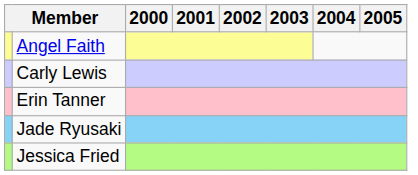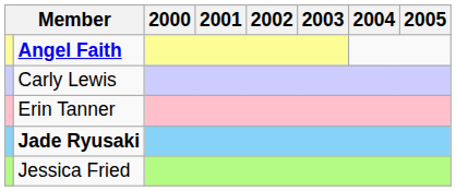 <table class="wikitable">
 <tr>
 <th colspan="2">Member</th>
 <th>2000</th>
 <th>2001</th>
 <th>2002</th>
 <th>2003</th>
 <th>2004</th>
 <th>2005</th>
 </tr>
 <tr>
 <td style="background:#FDFD96"></td>
-<td><a href='#'>Angel Faith</a></td>
+<td><strong><a href='#'>Angel Faith</a></strong></td>
 <td colspan="4"  style="text-align:center; background:#FDFD96"></td>
 <td colspan="3"></td>
 </tr>
 <tr>
 <td style="background:#CCCCFF"></td>
 <td>Carly Lewis</td>
 <td colspan="6"  style="text-align:center; background:#CCCCFF"></td>
 </tr>
 <tr>
 <td style="background:pink"></td>
 <td>Erin Tanner</td>
 <td colspan="6"  style="text-align:center; background:pink"></td>
 </tr>
 <tr>
 <td style="background:#87D3F8"></td>
-<td>Jade Ryusaki</td>
+<td><strong>Jade Ryusaki</strong></td>
 <td colspan="6"  style="text-align:center; background:#87D3F8"></td>
 </tr>
 <tr>
 <td style="background:#b4fb84;"></td>
 <td>Jessica Fried</td>
 <td colspan="6"  style="text-align:center; background:#b4fb84"></td>
 </tr>
 </table>
